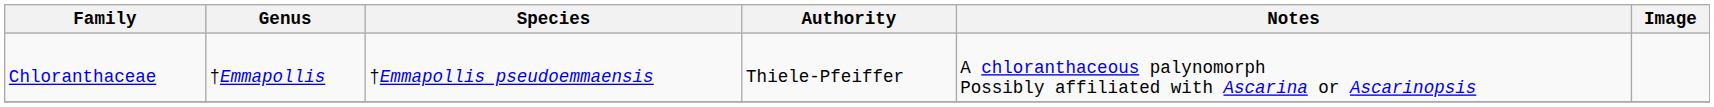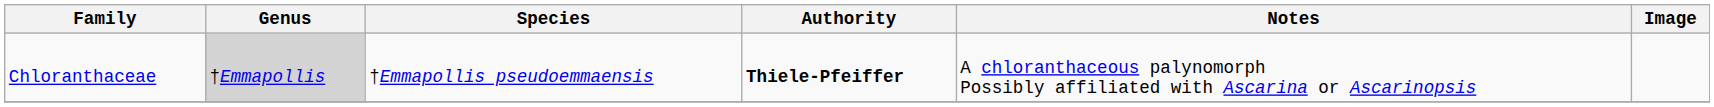 <table class="wikitable" align="center" width="100%">
 <tr>
 <th>Family</th>
 <th>Genus</th>
 <th>Species</th>
 <th>Authority</th>
 <th>Notes</th>
 <th>Image</th>
 </tr>
 <tr>
 <td><br><a href='#'>Chloranthaceae</a></td>
-<td><br>†<em><a href='#'>Emmapollis</a></em></td>
+<td style="background: lightgrey;"><br>†<em><a href='#'>Emmapollis</a></em></td>
 <td><br>†<em><a href='#'>Emmapollis pseudoemmaensis</a></em></td>
-<td><br>Thiele-Pfeiffer</td>
+<td><strong><br>Thiele-Pfeiffer</strong></td>
 <td><br>A <a href='#'>chloranthaceous</a> palynomorph<br>Possibly affiliated with <em><a href='#'>Ascarina</a></em> or <em><a href='#'>Ascarinopsis</a></em></td>
 <td></td>
 </tr>
 <tr>
 </tr>
 </table>
